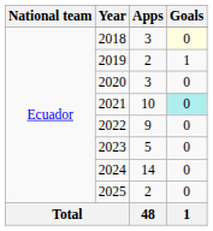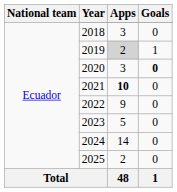 <table class="wikitable" style="text-align: center;">
 <tr>
 <th>National team</th>
 <th>Year</th>
 <th>Apps</th>
 <th>Goals</th>
 </tr>
 <tr>
 <td rowspan="9"><a href='#'>Ecuador</a></td>
 </tr>
 <tr>
 <td>2018</td>
 <td>3</td>
-<td style="background: lightyellow;">0</td>
+<td>0</td>
 </tr>
 <tr>
 <td>2019</td>
-<td>2</td>
+<td style="background: lightgrey;">2</td>
 <td>1</td>
 </tr>
 <tr>
 <td>2020</td>
 <td>3</td>
-<td>0</td>
+<td><strong>0</strong></td>
 </tr>
 <tr>
 <td>2021</td>
-<td>10</td>
-<td style="background: paleturquoise;">0</td>
+<td><strong>10</strong></td>
+<td>0</td>
 </tr>
 <tr>
 <td>2022</td>
 <td>9</td>
 <td>0</td>
 </tr>
 <tr>
 <td>2023</td>
 <td>5</td>
 <td>0</td>
 </tr>
 <tr>
 <td>2024</td>
 <td>14</td>
 <td>0</td>
 </tr>
 <tr>
 <td>2025</td>
 <td>2</td>
 <td>0</td>
 </tr>
 <tr>
 <th colspan="2">Total</th>
 <th>48</th>
 <th>1</th>
 </tr>
 </table>
